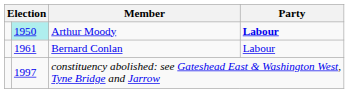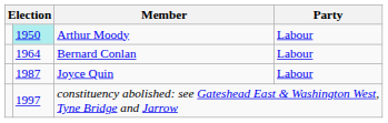 <table class="wikitable">
 <tr>
 <th colspan="2">Election</th>
 <th>Member</th>
 <th>Party</th>
 </tr>
 <tr>
 <td style="color:inherit;background-color: "></td>
 <td style="background: paleturquoise;"><a href='#'>1950</a></td>
 <td><a href='#'>Arthur Moody</a></td>
-<td><strong><a href='#'>Labour</a></strong></td>
+<td><a href='#'>Labour</a></td>
 </tr>
 <tr>
 <td style="color:inherit;background-color: "></td>
-<td><a href='#'>1961</a></td>
+<td><a href='#'>1964</a></td>
 <td><a href='#'>Bernard Conlan</a></td>
+<td><a href='#'>Labour</a></td>
+</tr>
+<tr>
+<td style="color:inherit;background-color: "></td>
+<td><a href='#'>1987</a></td>
+<td><a href='#'>Joyce Quin</a></td>
 <td><a href='#'>Labour</a></td>
 </tr>
 <tr>
 <td></td>
 <td><a href='#'>1997</a></td>
 <td colspan="2"><em>constituency abolished: see <a href='#'>Gateshead East & Washington West</a>, <br><a href='#'>Tyne Bridge</a> and <a href='#'>Jarrow</a> </em></td>
 </tr>
 </table>
